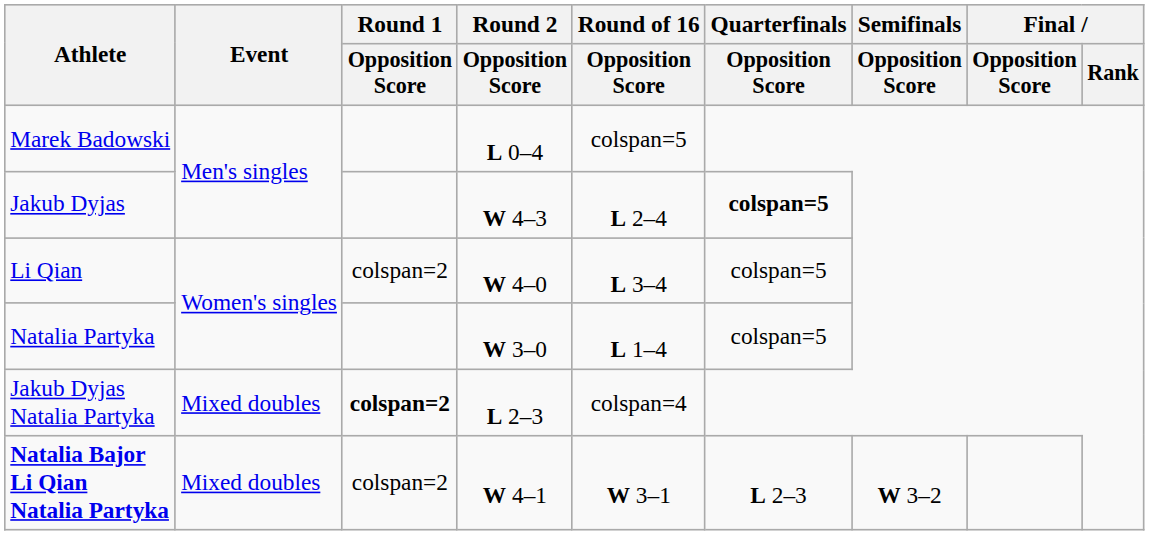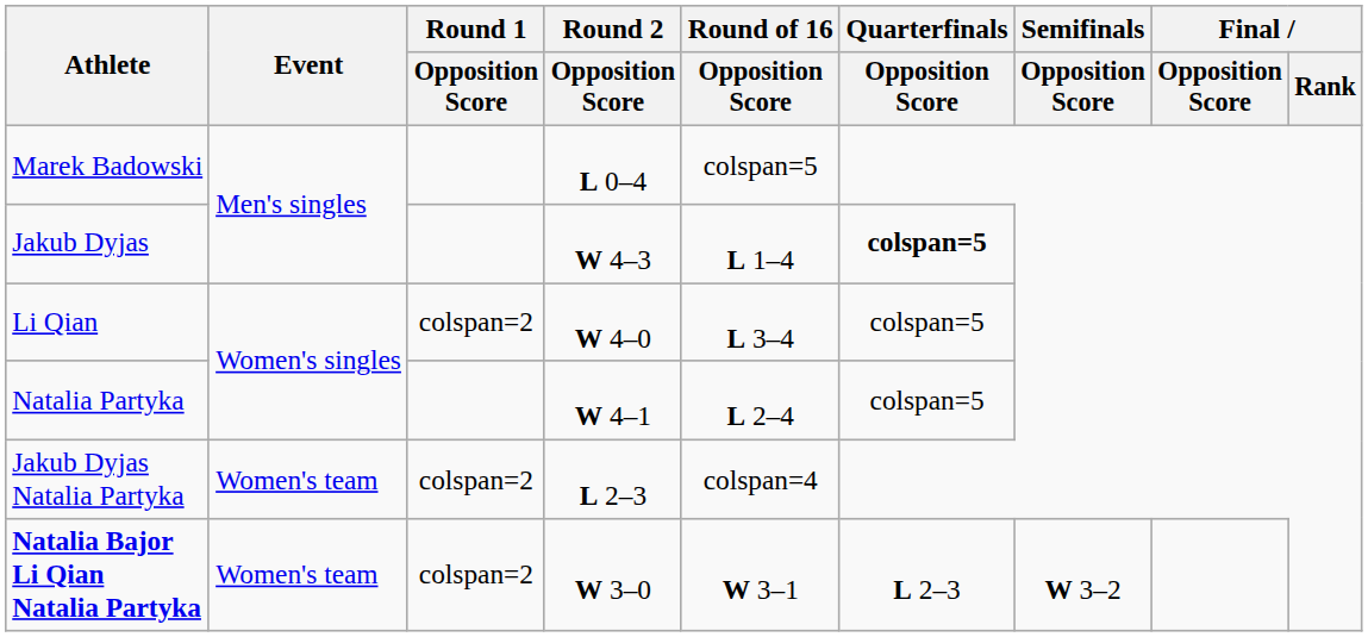 <table class=wikitable style="font-size:90%">
 <tr>
 <th rowspan="2">Athlete</th>
 <th rowspan="2">Event</th>
 <th>Round 1</th>
 <th>Round 2</th>
 <th>Round of 16</th>
 <th>Quarterfinals</th>
 <th>Semifinals</th>
 <th colspan=2>Final / </th>
 </tr>
 <tr style="font-size:95%">
 <th>Opposition<br>Score</th>
 <th>Opposition<br>Score</th>
 <th>Opposition<br>Score</th>
 <th>Opposition<br>Score</th>
 <th>Opposition<br>Score</th>
 <th>Opposition<br>Score</th>
 <th>Rank</th>
 </tr>
 <tr align=center>
 <td align=left><a href='#'>Marek Badowski</a></td>
 <td align=left rowspan=2><a href='#'>Men's singles</a></td>
 <td></td>
 <td><br><strong>L</strong> 0–4</td>
 <td>colspan=5 </td>
 </tr>
 <tr align=center>
 <td align=left><a href='#'>Jakub Dyjas</a></td>
 <td></td>
 <td><br><strong>W</strong> 4–3</td>
-<td><br><strong>L</strong> 2–4</td>
+<td><br><strong>L</strong> 1–4</td>
 <td><strong>colspan=5 </strong></td>
 </tr>
 <tr align=center>
 <td align=left><a href='#'>Li Qian</a></td>
 <td align=left rowspan=2><a href='#'>Women's singles</a></td>
 <td>colspan=2 </td>
 <td><br><strong>W</strong> 4–0</td>
 <td><br><strong>L</strong> 3–4</td>
 <td>colspan=5 </td>
 </tr>
 <tr align=center>
 <td align=left><a href='#'>Natalia Partyka</a></td>
 <td></td>
-<td><br><strong>W</strong> 3–0</td>
-<td><br><strong>L</strong> 1–4</td>
+<td><br><strong>W</strong> 4–1</td>
+<td><br><strong>L</strong> 2–4</td>
 <td>colspan=5 </td>
 </tr>
 <tr align=center>
 <td align=left><a href='#'>Jakub Dyjas</a><br><a href='#'>Natalia Partyka</a></td>
-<td align=left><a href='#'>Mixed doubles</a></td>
-<td><strong>colspan=2 </strong></td>
+<td align=left><a href='#'>Women's team</a></td>
+<td>colspan=2 </td>
 <td><br><strong>L</strong> 2–3</td>
 <td>colspan=4 </td>
 </tr>
 <tr align=center>
 <td align=left><strong><a href='#'>Natalia Bajor</a><br><a href='#'>Li Qian</a><br><a href='#'>Natalia Partyka</a></strong></td>
-<td align=left><a href='#'>Mixed doubles</a></td>
+<td align=left><a href='#'>Women's team</a></td>
 <td>colspan=2 </td>
-<td><br><strong>W</strong> 4–1</td>
+<td><br><strong>W</strong> 3–0</td>
 <td><br><strong>W</strong> 3–1</td>
 <td><br><strong>L</strong> 2–3</td>
 <td><br><strong>W</strong> 3–2</td>
 <td></td>
 </tr>
 </table>
